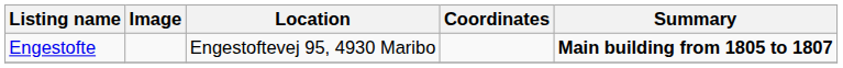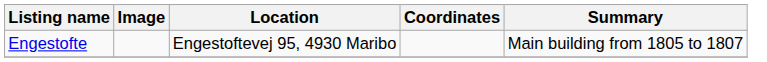 <table class="wikitable sortable">
 <tr>
 <th>Listing name</th>
 <th>Image</th>
 <th>Location</th>
 <th>Coordinates</th>
 <th>Summary</th>
 </tr>
 <tr>
 <td><a href='#'>Engestofte</a></td>
 <td></td>
 <td>Engestoftevej 95, 4930 Maribo</td>
 <td></td>
-<td><strong>Main building from 1805 to 1807</strong></td>
+<td>Main building from 1805 to 1807</td>
 </tr>
 <tr>
 </tr>
 </table>
